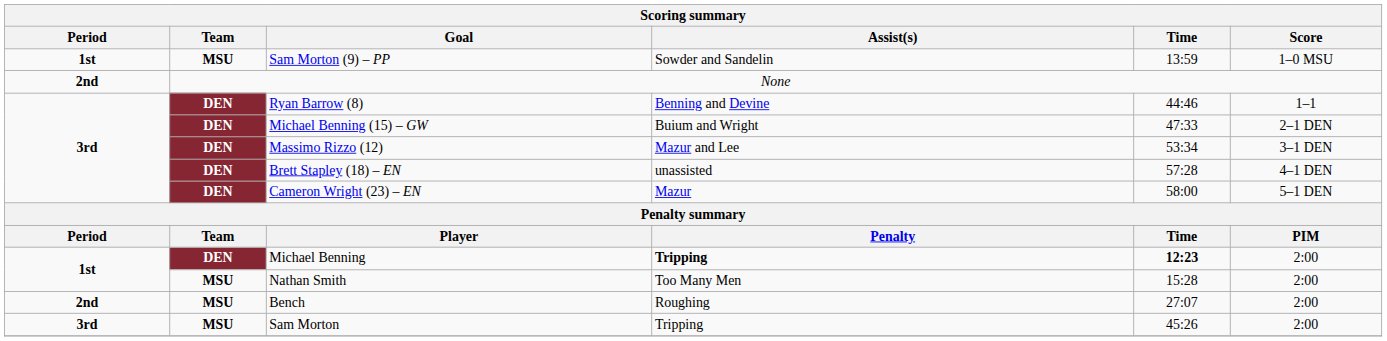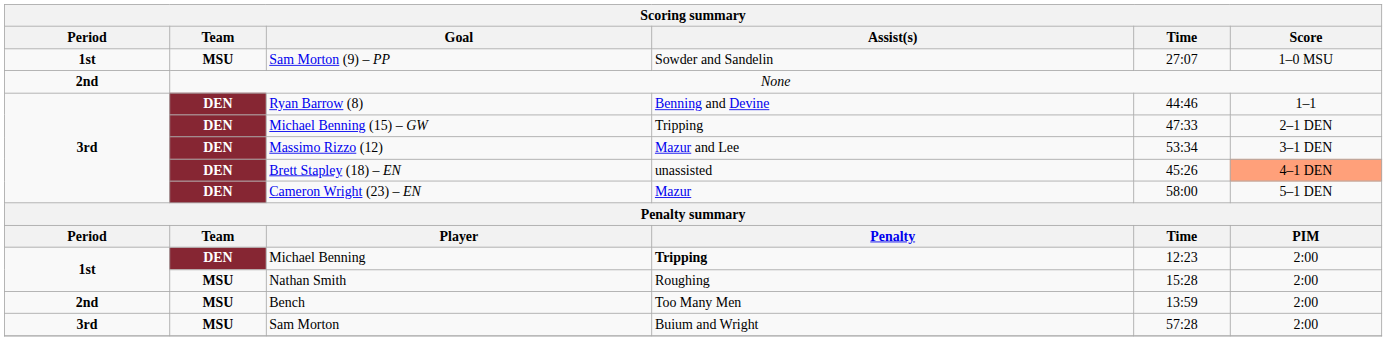 <table style="width:100%;" class="wikitable">
 <tr>
 <th colspan=6>Scoring summary</th>
 </tr>
 <tr>
 <th style="width:12%;">Period</th>
 <th style="width:7%;">Team</th>
 <th style="width:28%;">Goal</th>
 <th style="width:35%;">Assist(s)</th>
 <th style="width:7%;">Time</th>
 <th style="width:11%;">Score</th>
 </tr>
 <tr>
 <td style="text-align:center;" rowspan="1"><strong>1st</strong></td>
 <td align=center><strong>MSU</strong></td>
 <td><a href='#'>Sam Morton</a> (9) – <em>PP</em></td>
 <td>Sowder and Sandelin</td>
-<td align=center>13:59</td>
+<td align=center>27:07</td>
 <td align=center>1–0 MSU</td>
 </tr>
 <tr>
 <td style="text-align:center;" rowspan="1"><strong>2nd</strong></td>
 <td style="text-align:center;" colspan="5"><em>None</em></td>
 </tr>
 <tr>
 <td style="text-align:center;" rowspan="5"><strong>3rd</strong></td>
 <td align=center style="color:white; background:#862633; "><strong>DEN</strong></td>
 <td><a href='#'>Ryan Barrow</a> (8)</td>
 <td><a href='#'>Benning</a> and <a href='#'>Devine</a></td>
 <td align=center>44:46</td>
 <td align=center>1–1</td>
 </tr>
 <tr>
 <td align=center style="color:white; background:#862633; "><strong>DEN</strong></td>
 <td><a href='#'>Michael Benning</a> (15) – <em>GW</em></td>
-<td>Buium and Wright</td>
+<td>Tripping</td>
 <td align=center>47:33</td>
 <td align=center>2–1 DEN</td>
 </tr>
 <tr>
 <td align=center style="color:white; background:#862633; "><strong>DEN</strong></td>
 <td><a href='#'>Massimo Rizzo</a> (12)</td>
 <td><a href='#'>Mazur</a> and Lee</td>
 <td align=center>53:34</td>
 <td align=center>3–1 DEN</td>
 </tr>
 <tr>
 <td align=center style="color:white; background:#862633; "><strong>DEN</strong></td>
 <td><a href='#'>Brett Stapley</a> (18) – <em>EN</em></td>
 <td>unassisted</td>
-<td align=center>57:28</td>
-<td align=center>4–1 DEN</td>
+<td align=center>45:26</td>
+<td align=center style="background: lightsalmon;">4–1 DEN</td>
 </tr>
 <tr>
 <td align=center style="color:white; background:#862633; "><strong>DEN</strong></td>
 <td><a href='#'>Cameron Wright</a> (23) – <em>EN</em></td>
 <td><a href='#'>Mazur</a></td>
 <td align=center>58:00</td>
 <td align=center>5–1 DEN</td>
 </tr>
 <tr>
 <th colspan=6>Penalty summary</th>
 </tr>
 <tr>
 <th style="width:12%;">Period</th>
 <th style="width:7%;">Team</th>
 <th style="width:28%;">Player</th>
 <th style="width:35%;"><a href='#'>Penalty</a></th>
 <th style="width:7%;">Time</th>
 <th style="width:11%;">PIM</th>
 </tr>
 <tr>
 <td style="text-align:center;" rowspan="2"><strong>1st</strong></td>
 <td align=center style="color:white; background:#862633; "><strong>DEN</strong></td>
 <td>Michael Benning</td>
 <td><strong>Tripping</strong></td>
-<td align=center><strong>12:23</strong></td>
+<td align=center>12:23</td>
 <td align=center>2:00</td>
 </tr>
 <tr>
 <td align=center><strong>MSU</strong></td>
 <td>Nathan Smith</td>
-<td>Too Many Men</td>
+<td>Roughing</td>
 <td align=center>15:28</td>
 <td align=center>2:00</td>
 </tr>
 <tr>
 <td style="text-align:center;" rowspan="1"><strong>2nd</strong></td>
 <td align=center><strong>MSU</strong></td>
 <td>Bench</td>
-<td>Roughing</td>
-<td align=center>27:07</td>
+<td>Too Many Men</td>
+<td align=center>13:59</td>
 <td align=center>2:00</td>
 </tr>
 <tr>
 <td style="text-align:center;" rowspan="1"><strong>3rd</strong></td>
 <td align=center><strong>MSU</strong></td>
 <td>Sam Morton</td>
-<td>Tripping</td>
-<td align=center>45:26</td>
+<td>Buium and Wright</td>
+<td align=center>57:28</td>
 <td align=center>2:00</td>
 </tr>
 <tr>
 </tr>
 </table>
